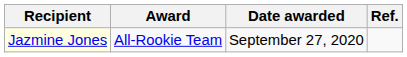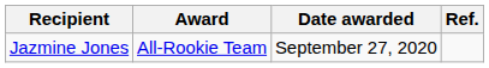 <table class="wikitable sortable sortable" style="text-align: center">
 <tr>
 <th>Recipient</th>
 <th>Award</th>
 <th>Date awarded</th>
 <th>Ref.</th>
 </tr>
 <tr>
-<td style="background: lightyellow;"><a href='#'>Jazmine Jones</a></td>
+<td><a href='#'>Jazmine Jones</a></td>
 <td><a href='#'>All-Rookie Team</a></td>
 <td>September 27, 2020</td>
 <td></td>
 </tr>
 </table>
